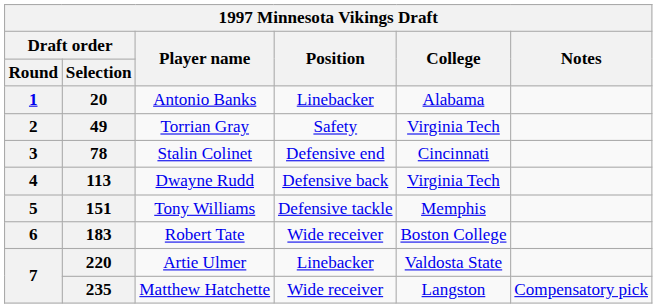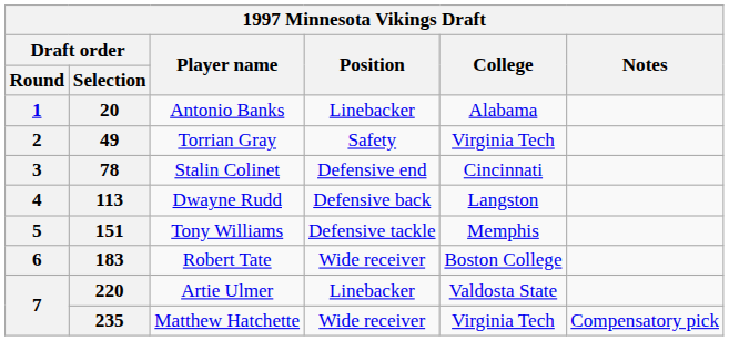 <table class="wikitable" style="text-align:center">
 <tr>
 <th colspan="6">1997 Minnesota Vikings Draft</th>
 </tr>
 <tr>
 <th colspan="2">Draft order</th>
 <th rowspan="2">Player name</th>
 <th rowspan="2">Position</th>
 <th rowspan="2">College</th>
 <th rowspan="2">Notes</th>
 </tr>
 <tr>
 <th>Round</th>
 <th>Selection</th>
 </tr>
 <tr>
 <th><a href='#'>1</a></th>
 <th>20</th>
 <td><a href='#'>Antonio Banks</a></td>
 <td><a href='#'>Linebacker</a></td>
 <td><a href='#'>Alabama</a></td>
 <td></td>
 </tr>
 <tr>
 <th>2</th>
 <th>49</th>
 <td><a href='#'>Torrian Gray</a></td>
 <td><a href='#'>Safety</a></td>
 <td><a href='#'>Virginia Tech</a></td>
 <td></td>
 </tr>
 <tr>
 <th>3</th>
 <th>78</th>
 <td><a href='#'>Stalin Colinet</a></td>
 <td><a href='#'>Defensive end</a></td>
 <td><a href='#'>Cincinnati</a></td>
 <td></td>
 </tr>
 <tr>
 <th>4</th>
 <th>113</th>
 <td><a href='#'>Dwayne Rudd</a></td>
 <td><a href='#'>Defensive back</a></td>
-<td><a href='#'>Virginia Tech</a></td>
+<td><a href='#'>Langston</a></td>
 <td></td>
 </tr>
 <tr>
 <th>5</th>
 <th>151</th>
 <td><a href='#'>Tony Williams</a></td>
 <td><a href='#'>Defensive tackle</a></td>
 <td><a href='#'>Memphis</a></td>
 <td></td>
 </tr>
 <tr>
 <th>6</th>
 <th>183</th>
 <td><a href='#'>Robert Tate</a></td>
 <td><a href='#'>Wide receiver</a></td>
 <td><a href='#'>Boston College</a></td>
 <td></td>
 </tr>
 <tr>
 <th rowspan="2">7</th>
 <th>220</th>
 <td><a href='#'>Artie Ulmer</a></td>
 <td><a href='#'>Linebacker</a></td>
 <td><a href='#'>Valdosta State</a></td>
 <td></td>
 </tr>
 <tr>
 <th>235</th>
 <td><a href='#'>Matthew Hatchette</a></td>
 <td><a href='#'>Wide receiver</a></td>
-<td><a href='#'>Langston</a></td>
+<td><a href='#'>Virginia Tech</a></td>
 <td><a href='#'>Compensatory pick</a></td>
 </tr>
 </table>
